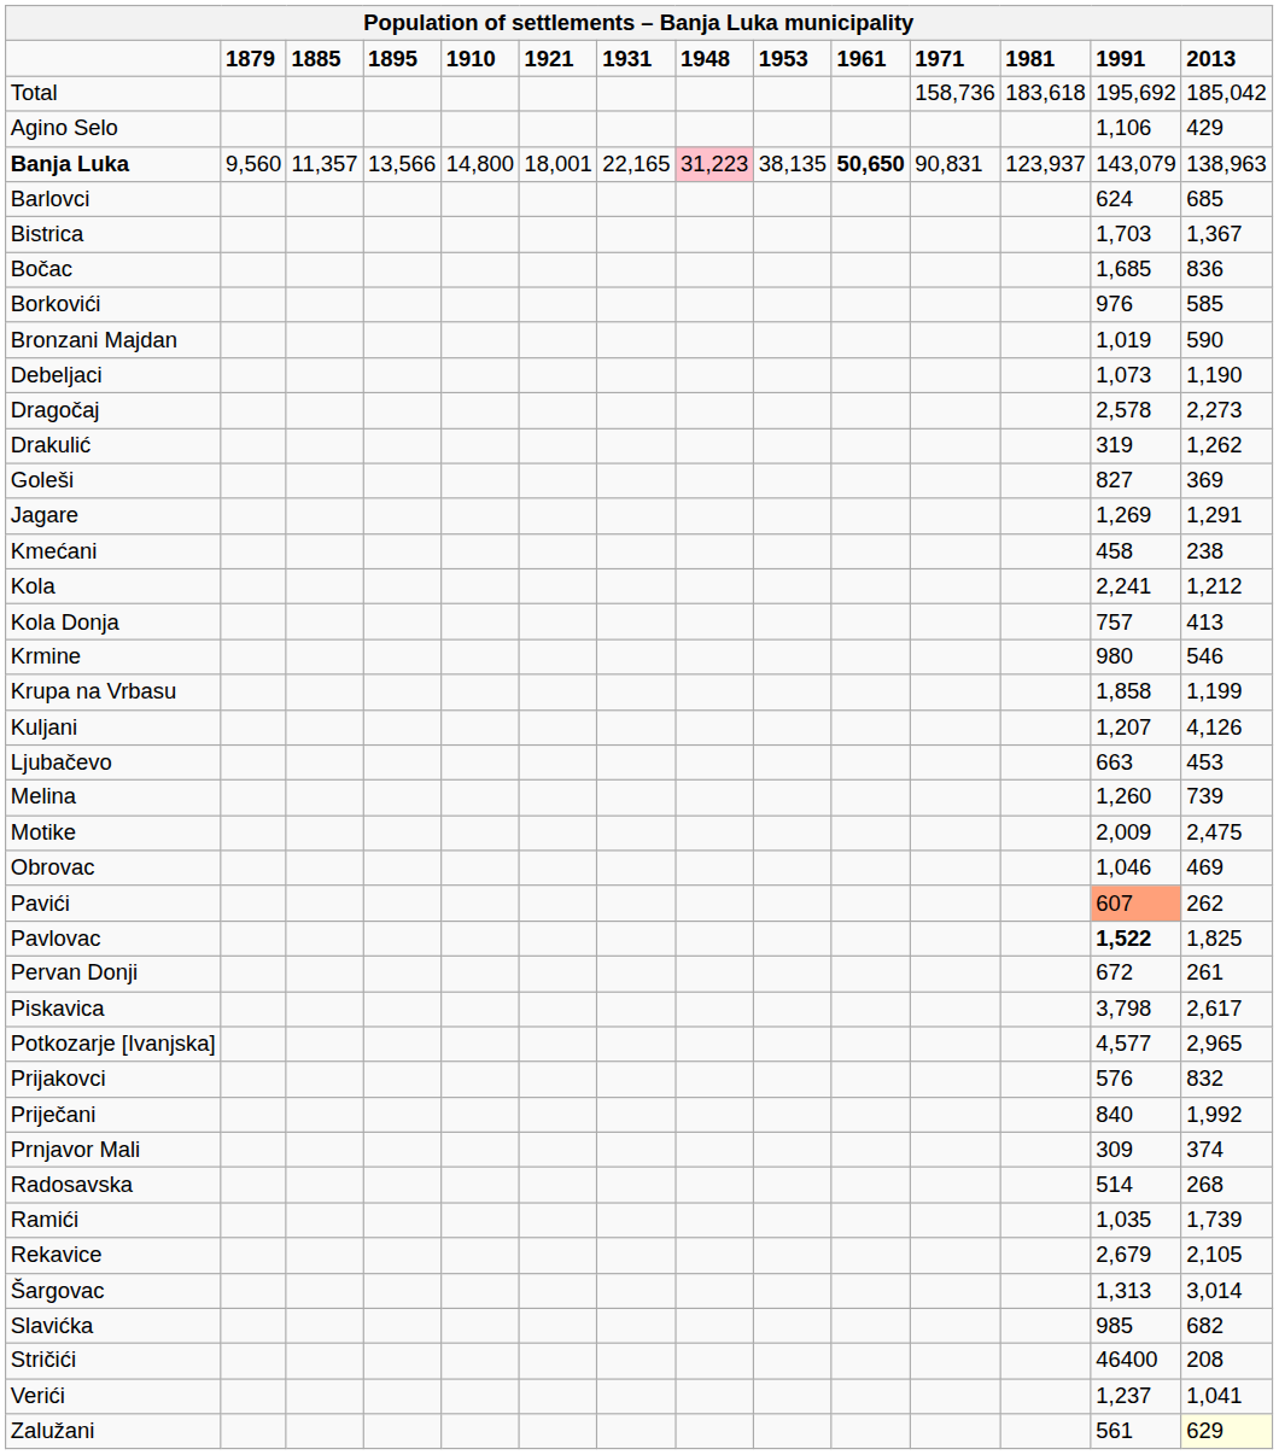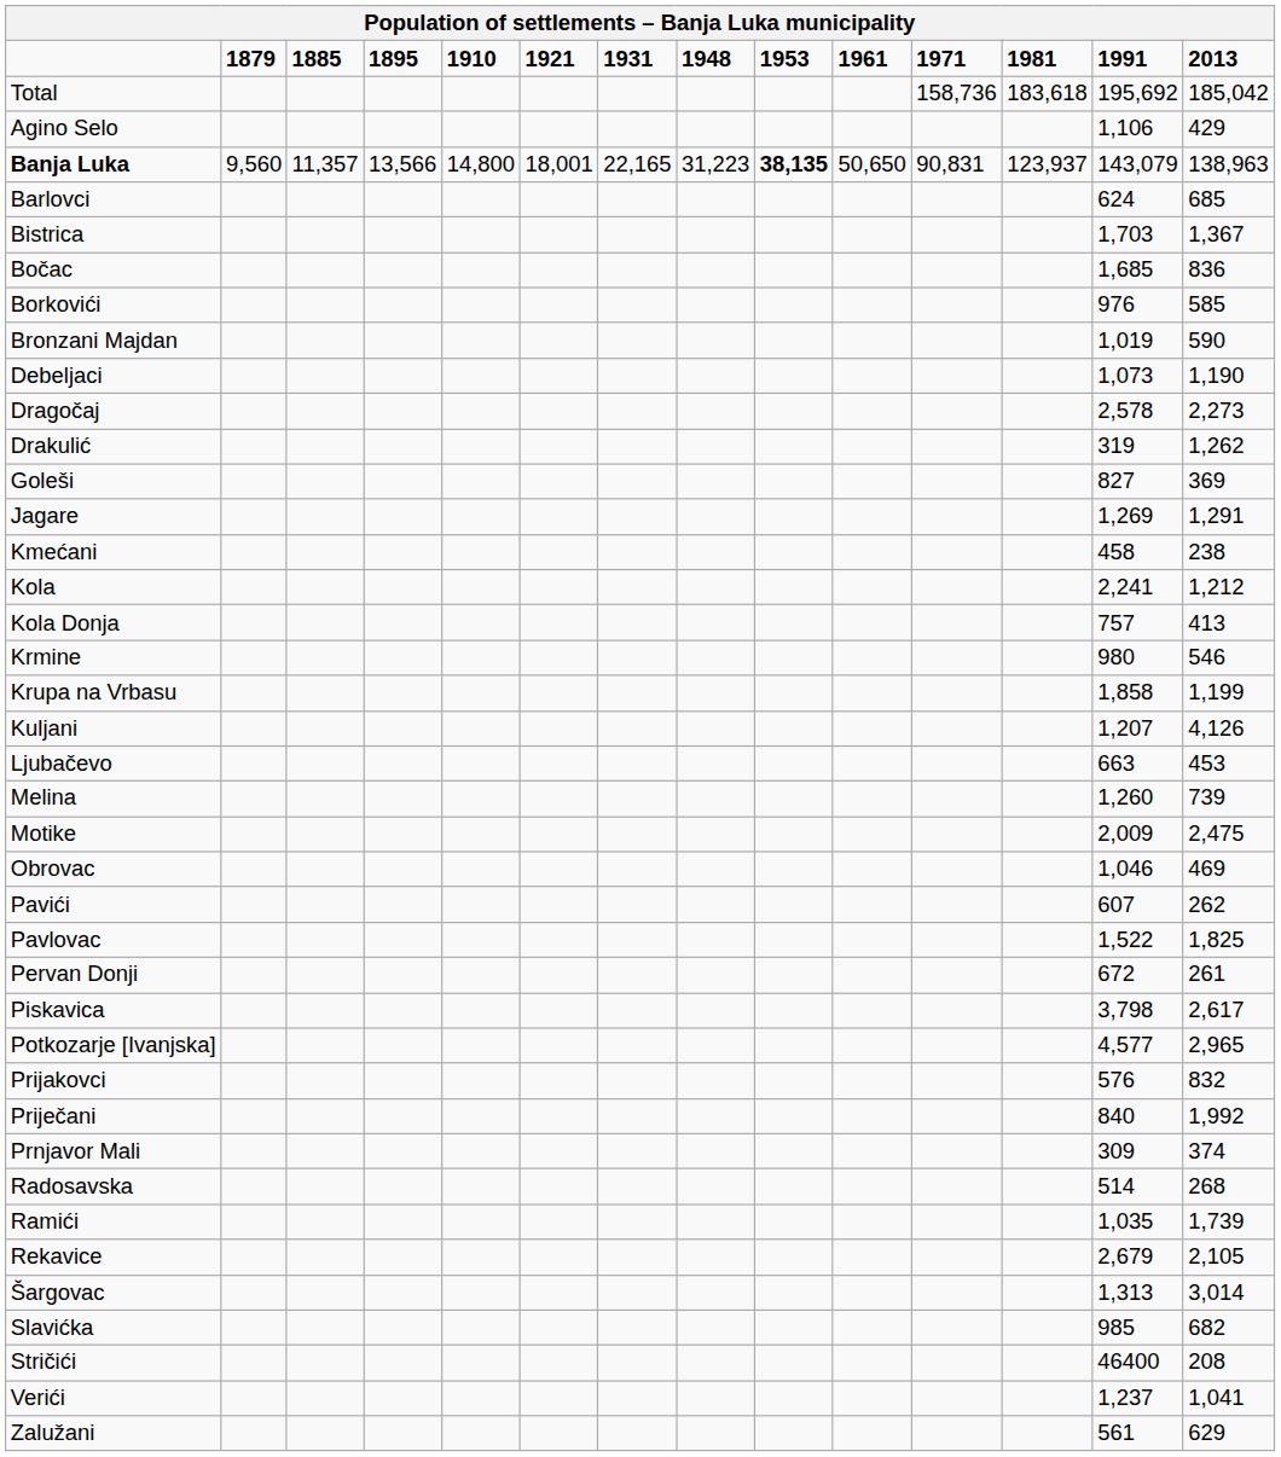 <table class="wikitable">
 <tr>
 <th colspan="14">Population of settlements – Banja Luka municipality</th>
 </tr>
 <tr>
 <td></td>
 <td><strong>1879</strong></td>
 <td><strong>1885</strong></td>
 <td><strong>1895</strong></td>
 <td><strong>1910</strong></td>
 <td><strong>1921</strong></td>
 <td><strong>1931</strong></td>
 <td><strong>1948</strong></td>
 <td><strong>1953</strong></td>
 <td><strong>1961</strong></td>
 <td><strong>1971</strong></td>
 <td><strong>1981</strong></td>
 <td><strong>1991</strong></td>
 <td><strong>2013</strong></td>
 </tr>
 <tr>
 <td>Total</td>
 <td></td>
 <td></td>
 <td></td>
 <td></td>
 <td></td>
 <td></td>
 <td></td>
 <td></td>
 <td></td>
 <td>158,736</td>
 <td>183,618</td>
 <td>195,692</td>
 <td>185,042</td>
 </tr>
 <tr>
 <td>Agino Selo</td>
 <td></td>
 <td></td>
 <td></td>
 <td></td>
 <td></td>
 <td></td>
 <td></td>
 <td></td>
 <td></td>
 <td></td>
 <td></td>
 <td>1,106</td>
 <td>429</td>
 </tr>
 <tr>
 <td><strong>Banja Luka</strong></td>
 <td>9,560</td>
 <td>11,357</td>
 <td>13,566</td>
 <td>14,800</td>
 <td>18,001</td>
 <td>22,165</td>
-<td style="background: pink;">31,223</td>
-<td>38,135</td>
-<td><strong>50,650</strong></td>
+<td>31,223</td>
+<td><strong>38,135</strong></td>
+<td>50,650</td>
 <td>90,831</td>
 <td>123,937</td>
 <td>143,079</td>
 <td>138,963</td>
 </tr>
 <tr>
 <td>Barlovci</td>
 <td></td>
 <td></td>
 <td></td>
 <td></td>
 <td></td>
 <td></td>
 <td></td>
 <td></td>
 <td></td>
 <td></td>
 <td></td>
 <td>624</td>
 <td>685</td>
 </tr>
 <tr>
 <td>Bistrica</td>
 <td></td>
 <td></td>
 <td></td>
 <td></td>
 <td></td>
 <td></td>
 <td></td>
 <td></td>
 <td></td>
 <td></td>
 <td></td>
 <td>1,703</td>
 <td>1,367</td>
 </tr>
 <tr>
 <td>Bočac</td>
 <td></td>
 <td></td>
 <td></td>
 <td></td>
 <td></td>
 <td></td>
 <td></td>
 <td></td>
 <td></td>
 <td></td>
 <td></td>
 <td>1,685</td>
 <td>836</td>
 </tr>
 <tr>
 <td>Borkovići</td>
 <td></td>
 <td></td>
 <td></td>
 <td></td>
 <td></td>
 <td></td>
 <td></td>
 <td></td>
 <td></td>
 <td></td>
 <td></td>
 <td>976</td>
 <td>585</td>
 </tr>
 <tr>
 <td>Bronzani Majdan</td>
 <td></td>
 <td></td>
 <td></td>
 <td></td>
 <td></td>
 <td></td>
 <td></td>
 <td></td>
 <td></td>
 <td></td>
 <td></td>
 <td>1,019</td>
 <td>590</td>
 </tr>
 <tr>
 <td>Debeljaci</td>
 <td></td>
 <td></td>
 <td></td>
 <td></td>
 <td></td>
 <td></td>
 <td></td>
 <td></td>
 <td></td>
 <td></td>
 <td></td>
 <td>1,073</td>
 <td>1,190</td>
 </tr>
 <tr>
 <td>Dragočaj</td>
 <td></td>
 <td></td>
 <td></td>
 <td></td>
 <td></td>
 <td></td>
 <td></td>
 <td></td>
 <td></td>
 <td></td>
 <td></td>
 <td>2,578</td>
 <td>2,273</td>
 </tr>
 <tr>
 <td>Drakulić</td>
 <td></td>
 <td></td>
 <td></td>
 <td></td>
 <td></td>
 <td></td>
 <td></td>
 <td></td>
 <td></td>
 <td></td>
 <td></td>
 <td>319</td>
 <td>1,262</td>
 </tr>
 <tr>
 <td>Goleši</td>
 <td></td>
 <td></td>
 <td></td>
 <td></td>
 <td></td>
 <td></td>
 <td></td>
 <td></td>
 <td></td>
 <td></td>
 <td></td>
 <td>827</td>
 <td>369</td>
 </tr>
 <tr>
 <td>Jagare</td>
 <td></td>
 <td></td>
 <td></td>
 <td></td>
 <td></td>
 <td></td>
 <td></td>
 <td></td>
 <td></td>
 <td></td>
 <td></td>
 <td>1,269</td>
 <td>1,291</td>
 </tr>
 <tr>
 <td>Kmećani</td>
 <td></td>
 <td></td>
 <td></td>
 <td></td>
 <td></td>
 <td></td>
 <td></td>
 <td></td>
 <td></td>
 <td></td>
 <td></td>
 <td>458</td>
 <td>238</td>
 </tr>
 <tr>
 <td>Kola</td>
 <td></td>
 <td></td>
 <td></td>
 <td></td>
 <td></td>
 <td></td>
 <td></td>
 <td></td>
 <td></td>
 <td></td>
 <td></td>
 <td>2,241</td>
 <td>1,212</td>
 </tr>
 <tr>
 <td>Kola Donja</td>
 <td></td>
 <td></td>
 <td></td>
 <td></td>
 <td></td>
 <td></td>
 <td></td>
 <td></td>
 <td></td>
 <td></td>
 <td></td>
 <td>757</td>
 <td>413</td>
 </tr>
 <tr>
 <td>Krmine</td>
 <td></td>
 <td></td>
 <td></td>
 <td></td>
 <td></td>
 <td></td>
 <td></td>
 <td></td>
 <td></td>
 <td></td>
 <td></td>
 <td>980</td>
 <td>546</td>
 </tr>
 <tr>
 <td>Krupa na Vrbasu</td>
 <td></td>
 <td></td>
 <td></td>
 <td></td>
 <td></td>
 <td></td>
 <td></td>
 <td></td>
 <td></td>
 <td></td>
 <td></td>
 <td>1,858</td>
 <td>1,199</td>
 </tr>
 <tr>
 <td>Kuljani</td>
 <td></td>
 <td></td>
 <td></td>
 <td></td>
 <td></td>
 <td></td>
 <td></td>
 <td></td>
 <td></td>
 <td></td>
 <td></td>
 <td>1,207</td>
 <td>4,126</td>
 </tr>
 <tr>
 <td>Ljubačevo</td>
 <td></td>
 <td></td>
 <td></td>
 <td></td>
 <td></td>
 <td></td>
 <td></td>
 <td></td>
 <td></td>
 <td></td>
 <td></td>
 <td>663</td>
 <td>453</td>
 </tr>
 <tr>
 <td>Melina</td>
 <td></td>
 <td></td>
 <td></td>
 <td></td>
 <td></td>
 <td></td>
 <td></td>
 <td></td>
 <td></td>
 <td></td>
 <td></td>
 <td>1,260</td>
 <td>739</td>
 </tr>
 <tr>
 <td>Motike</td>
 <td></td>
 <td></td>
 <td></td>
 <td></td>
 <td></td>
 <td></td>
 <td></td>
 <td></td>
 <td></td>
 <td></td>
 <td></td>
 <td>2,009</td>
 <td>2,475</td>
 </tr>
 <tr>
 <td>Obrovac</td>
 <td></td>
 <td></td>
 <td></td>
 <td></td>
 <td></td>
 <td></td>
 <td></td>
 <td></td>
 <td></td>
 <td></td>
 <td></td>
 <td>1,046</td>
 <td>469</td>
 </tr>
 <tr>
 <td>Pavići</td>
 <td></td>
 <td></td>
 <td></td>
 <td></td>
 <td></td>
 <td></td>
 <td></td>
 <td></td>
 <td></td>
 <td></td>
 <td></td>
-<td style="background: lightsalmon;">607</td>
+<td>607</td>
 <td>262</td>
 </tr>
 <tr>
 <td>Pavlovac</td>
 <td></td>
 <td></td>
 <td></td>
 <td></td>
 <td></td>
 <td></td>
 <td></td>
 <td></td>
 <td></td>
 <td></td>
 <td></td>
-<td><strong>1,522</strong></td>
+<td>1,522</td>
 <td>1,825</td>
 </tr>
 <tr>
 <td>Pervan Donji</td>
 <td></td>
 <td></td>
 <td></td>
 <td></td>
 <td></td>
 <td></td>
 <td></td>
 <td></td>
 <td></td>
 <td></td>
 <td></td>
 <td>672</td>
 <td>261</td>
 </tr>
 <tr>
 <td>Piskavica</td>
 <td></td>
 <td></td>
 <td></td>
 <td></td>
 <td></td>
 <td></td>
 <td></td>
 <td></td>
 <td></td>
 <td></td>
 <td></td>
 <td>3,798</td>
 <td>2,617</td>
 </tr>
 <tr>
 <td>Potkozarje [Ivanjska]</td>
 <td></td>
 <td></td>
 <td></td>
 <td></td>
 <td></td>
 <td></td>
 <td></td>
 <td></td>
 <td></td>
 <td></td>
 <td></td>
 <td>4,577</td>
 <td>2,965</td>
 </tr>
 <tr>
 <td>Prijakovci</td>
 <td></td>
 <td></td>
 <td></td>
 <td></td>
 <td></td>
 <td></td>
 <td></td>
 <td></td>
 <td></td>
 <td></td>
 <td></td>
 <td>576</td>
 <td>832</td>
 </tr>
 <tr>
 <td>Priječani</td>
 <td></td>
 <td></td>
 <td></td>
 <td></td>
 <td></td>
 <td></td>
 <td></td>
 <td></td>
 <td></td>
 <td></td>
 <td></td>
 <td>840</td>
 <td>1,992</td>
 </tr>
 <tr>
 <td>Prnjavor Mali</td>
 <td></td>
 <td></td>
 <td></td>
 <td></td>
 <td></td>
 <td></td>
 <td></td>
 <td></td>
 <td></td>
 <td></td>
 <td></td>
 <td>309</td>
 <td>374</td>
 </tr>
 <tr>
 <td>Radosavska</td>
 <td></td>
 <td></td>
 <td></td>
 <td></td>
 <td></td>
 <td></td>
 <td></td>
 <td></td>
 <td></td>
 <td></td>
 <td></td>
 <td>514</td>
 <td>268</td>
 </tr>
 <tr>
 <td>Ramići</td>
 <td></td>
 <td></td>
 <td></td>
 <td></td>
 <td></td>
 <td></td>
 <td></td>
 <td></td>
 <td></td>
 <td></td>
 <td></td>
 <td>1,035</td>
 <td>1,739</td>
 </tr>
 <tr>
 <td>Rekavice</td>
 <td></td>
 <td></td>
 <td></td>
 <td></td>
 <td></td>
 <td></td>
 <td></td>
 <td></td>
 <td></td>
 <td></td>
 <td></td>
 <td>2,679</td>
 <td>2,105</td>
 </tr>
 <tr>
 <td>Šargovac</td>
 <td></td>
 <td></td>
 <td></td>
 <td></td>
 <td></td>
 <td></td>
 <td></td>
 <td></td>
 <td></td>
 <td></td>
 <td></td>
 <td>1,313</td>
 <td>3,014</td>
 </tr>
 <tr>
 <td>Slavićka</td>
 <td></td>
 <td></td>
 <td></td>
 <td></td>
 <td></td>
 <td></td>
 <td></td>
 <td></td>
 <td></td>
 <td></td>
 <td></td>
 <td>985</td>
 <td>682</td>
 </tr>
 <tr>
 <td>Stričići</td>
 <td></td>
 <td></td>
 <td></td>
 <td></td>
 <td></td>
 <td></td>
 <td></td>
 <td></td>
 <td></td>
 <td></td>
 <td></td>
 <td>46400</td>
 <td>208</td>
 </tr>
 <tr>
 <td>Verići</td>
 <td></td>
 <td></td>
 <td></td>
 <td></td>
 <td></td>
 <td></td>
 <td></td>
 <td></td>
 <td></td>
 <td></td>
 <td></td>
 <td>1,237</td>
 <td>1,041</td>
 </tr>
 <tr>
 <td>Zalužani</td>
 <td></td>
 <td></td>
 <td></td>
 <td></td>
 <td></td>
 <td></td>
 <td></td>
 <td></td>
 <td></td>
 <td></td>
 <td></td>
 <td>561</td>
-<td style="background: lightyellow;">629</td>
+<td>629</td>
 </tr>
 </table>
